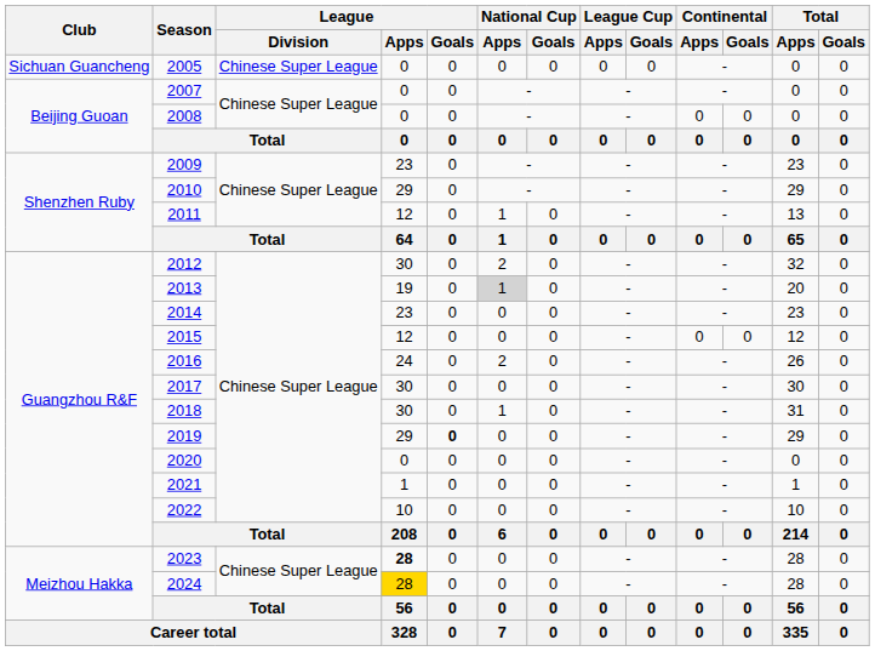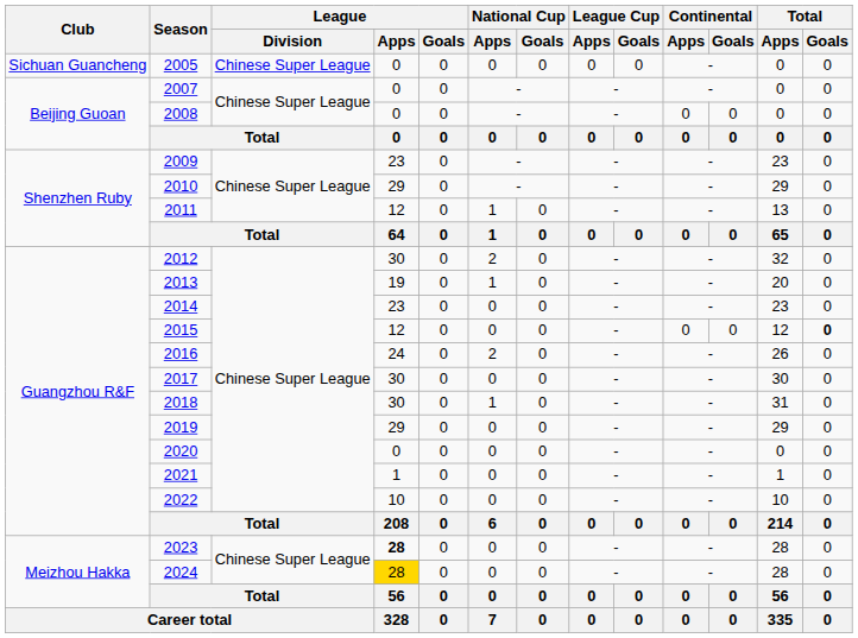 <table class="wikitable" style="text-align: center">
 <tr>
 <th rowspan="2">Club</th>
 <th rowspan="2">Season</th>
 <th colspan="3">League</th>
 <th colspan="2">National Cup</th>
 <th colspan="2">League Cup</th>
 <th colspan="2">Continental</th>
 <th colspan="2">Total</th>
 </tr>
 <tr>
 <th>Division</th>
 <th>Apps</th>
 <th>Goals</th>
 <th>Apps</th>
 <th>Goals</th>
 <th>Apps</th>
 <th>Goals</th>
 <th>Apps</th>
 <th>Goals</th>
 <th>Apps</th>
 <th>Goals</th>
 </tr>
 <tr>
 <td><a href='#'>Sichuan Guancheng</a></td>
 <td><a href='#'>2005</a></td>
 <td><a href='#'>Chinese Super League</a></td>
 <td>0</td>
 <td>0</td>
 <td>0</td>
 <td>0</td>
 <td>0</td>
 <td>0</td>
 <td colspan="2">-</td>
 <td>0</td>
 <td>0</td>
 </tr>
 <tr>
 <td rowspan="3"><a href='#'>Beijing Guoan</a></td>
 <td><a href='#'>2007</a></td>
 <td rowspan="2">Chinese Super League</td>
 <td>0</td>
 <td>0</td>
 <td colspan="2">-</td>
 <td colspan="2">-</td>
 <td colspan="2">-</td>
 <td>0</td>
 <td>0</td>
 </tr>
 <tr>
 <td><a href='#'>2008</a></td>
 <td>0</td>
 <td>0</td>
 <td colspan="2">-</td>
 <td colspan="2">-</td>
 <td>0</td>
 <td>0</td>
 <td>0</td>
 <td>0</td>
 </tr>
 <tr>
 <th colspan="2"><strong>Total</strong></th>
 <th>0</th>
 <th>0</th>
 <th>0</th>
 <th>0</th>
 <th>0</th>
 <th>0</th>
 <th>0</th>
 <th>0</th>
 <th>0</th>
 <th>0</th>
 </tr>
 <tr>
 <td rowspan="4"><a href='#'>Shenzhen Ruby</a></td>
 <td><a href='#'>2009</a></td>
 <td rowspan="3">Chinese Super League</td>
 <td>23</td>
 <td>0</td>
 <td colspan="2">-</td>
 <td colspan="2">-</td>
 <td colspan="2">-</td>
 <td>23</td>
 <td>0</td>
 </tr>
 <tr>
 <td><a href='#'>2010</a></td>
 <td>29</td>
 <td>0</td>
 <td colspan="2">-</td>
 <td colspan="2">-</td>
 <td colspan="2">-</td>
 <td>29</td>
 <td>0</td>
 </tr>
 <tr>
 <td><a href='#'>2011</a></td>
 <td>12</td>
 <td>0</td>
 <td>1</td>
 <td>0</td>
 <td colspan="2">-</td>
 <td colspan="2">-</td>
 <td>13</td>
 <td>0</td>
 </tr>
 <tr>
 <th colspan="2"><strong>Total</strong></th>
 <th>64</th>
 <th>0</th>
 <th>1</th>
 <th>0</th>
 <th>0</th>
 <th>0</th>
 <th>0</th>
 <th>0</th>
 <th>65</th>
 <th>0</th>
 </tr>
 <tr>
 <td rowspan="12"><a href='#'>Guangzhou R&F</a></td>
 <td><a href='#'>2012</a></td>
 <td rowspan="11">Chinese Super League</td>
 <td>30</td>
 <td>0</td>
 <td>2</td>
 <td>0</td>
 <td colspan="2">-</td>
 <td colspan="2">-</td>
 <td>32</td>
 <td>0</td>
 </tr>
 <tr>
 <td><a href='#'>2013</a></td>
 <td>19</td>
 <td>0</td>
-<td style="background: lightgrey;">1</td>
+<td>1</td>
 <td>0</td>
 <td colspan="2">-</td>
 <td colspan="2">-</td>
 <td>20</td>
 <td>0</td>
 </tr>
 <tr>
 <td><a href='#'>2014</a></td>
 <td>23</td>
 <td>0</td>
 <td>0</td>
 <td>0</td>
 <td colspan="2">-</td>
 <td colspan="2">-</td>
 <td>23</td>
 <td>0</td>
 </tr>
 <tr>
 <td><a href='#'>2015</a></td>
 <td>12</td>
 <td>0</td>
 <td>0</td>
 <td>0</td>
 <td colspan="2">-</td>
 <td>0</td>
 <td>0</td>
 <td>12</td>
-<td>0</td>
+<td><strong>0</strong></td>
 </tr>
 <tr>
 <td><a href='#'>2016</a></td>
 <td>24</td>
 <td>0</td>
 <td>2</td>
 <td>0</td>
 <td colspan="2">-</td>
 <td colspan="2">-</td>
 <td>26</td>
 <td>0</td>
 </tr>
 <tr>
 <td><a href='#'>2017</a></td>
 <td>30</td>
 <td>0</td>
 <td>0</td>
 <td>0</td>
 <td colspan="2">-</td>
 <td colspan="2">-</td>
 <td>30</td>
 <td>0</td>
 </tr>
 <tr>
 <td><a href='#'>2018</a></td>
 <td>30</td>
 <td>0</td>
 <td>1</td>
 <td>0</td>
 <td colspan="2">-</td>
 <td colspan="2">-</td>
 <td>31</td>
 <td>0</td>
 </tr>
 <tr>
 <td><a href='#'>2019</a></td>
 <td>29</td>
-<td><strong>0</strong></td>
+<td>0</td>
 <td>0</td>
 <td>0</td>
 <td colspan="2">-</td>
 <td colspan="2">-</td>
 <td>29</td>
 <td>0</td>
 </tr>
 <tr>
 <td><a href='#'>2020</a></td>
 <td>0</td>
 <td>0</td>
 <td>0</td>
 <td>0</td>
 <td colspan="2">-</td>
 <td colspan="2">-</td>
 <td>0</td>
 <td>0</td>
 </tr>
 <tr>
 <td><a href='#'>2021</a></td>
 <td>1</td>
 <td>0</td>
 <td>0</td>
 <td>0</td>
 <td colspan="2">-</td>
 <td colspan="2">-</td>
 <td>1</td>
 <td>0</td>
 </tr>
 <tr>
 <td><a href='#'>2022</a></td>
 <td>10</td>
 <td>0</td>
 <td>0</td>
 <td>0</td>
 <td colspan="2">-</td>
 <td colspan="2">-</td>
 <td>10</td>
 <td>0</td>
 </tr>
 <tr>
 <th colspan="2"><strong>Total</strong></th>
 <th>208</th>
 <th>0</th>
 <th>6</th>
 <th>0</th>
 <th>0</th>
 <th>0</th>
 <th>0</th>
 <th>0</th>
 <th>214</th>
 <th>0</th>
 </tr>
 <tr>
 <td rowspan="3"><a href='#'>Meizhou Hakka</a></td>
 <td><a href='#'>2023</a></td>
 <td rowspan="2">Chinese Super League</td>
 <td><strong>28</strong></td>
 <td>0</td>
 <td>0</td>
 <td>0</td>
 <td colspan="2">-</td>
 <td colspan="2">-</td>
 <td>28</td>
 <td>0</td>
 </tr>
 <tr>
 <td><a href='#'>2024</a></td>
 <td style="background: gold;">28</td>
 <td>0</td>
 <td>0</td>
 <td>0</td>
 <td colspan="2">-</td>
 <td colspan="2">-</td>
 <td>28</td>
 <td>0</td>
 </tr>
 <tr>
 <th colspan="2"><strong>Total</strong></th>
 <th>56</th>
 <th>0</th>
 <th>0</th>
 <th>0</th>
 <th>0</th>
 <th>0</th>
 <th>0</th>
 <th>0</th>
 <th>56</th>
 <th>0</th>
 </tr>
 <tr>
 <th colspan=3>Career total</th>
 <th>328</th>
 <th>0</th>
 <th>7</th>
 <th>0</th>
 <th>0</th>
 <th>0</th>
 <th>0</th>
 <th>0</th>
 <th>335</th>
 <th>0</th>
 </tr>
 </table>
